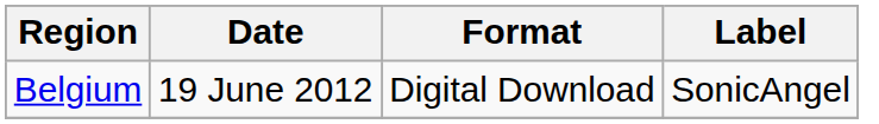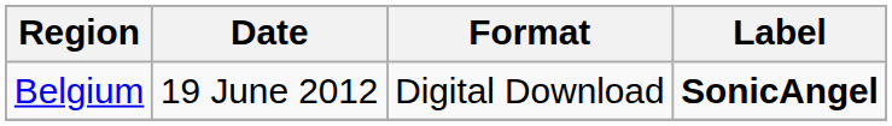 <table class=wikitable>
 <tr>
 <th>Region</th>
 <th>Date</th>
 <th>Format</th>
 <th>Label</th>
 </tr>
 <tr>
 <td><a href='#'>Belgium</a></td>
 <td>19 June 2012</td>
 <td>Digital Download</td>
-<td>SonicAngel</td>
+<td><strong>SonicAngel</strong></td>
 </tr>
 <tr>
 </tr>
 </table>
